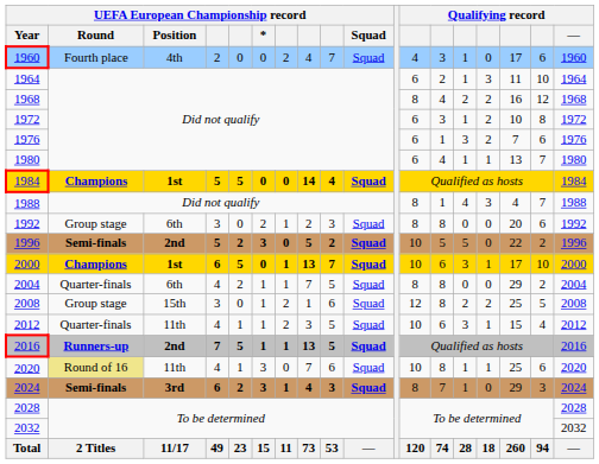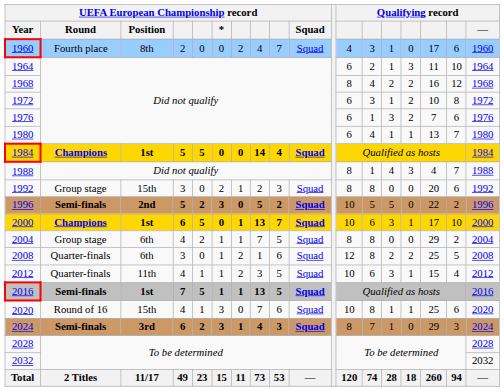 <table class="wikitable" style="text-align: center;">
 <tr>
 <th colspan=10><a href='#'>UEFA European Championship</a> record</th>
 <th width=1% rowspan=22></th>
 <th colspan=7><a href='#'>Qualifying</a> record</th>
 </tr>
 <tr>
 <th>Year</th>
 <th>Round</th>
 <th>Position</th>
 <th></th>
 <th></th>
 <th>*</th>
 <th></th>
 <th></th>
 <th></th>
 <th>Squad</th>
 <th></th>
 <th></th>
 <th></th>
 <th></th>
 <th></th>
 <th></th>
 <th>—</th>
 </tr>
 <tr style="background:#9acdff">
 <td style="border: 3px solid red"> <a href='#'>1960</a></td>
 <td>Fourth place</td>
-<td>4th</td>
+<td>8th</td>
 <td>2</td>
 <td>0</td>
 <td>0</td>
 <td>2</td>
 <td>4</td>
 <td>7</td>
 <td><a href='#'>Squad</a></td>
 <td>4</td>
 <td>3</td>
 <td>1</td>
 <td>0</td>
 <td>17</td>
 <td>6</td>
 <td><a href='#'>1960</a></td>
 </tr>
 <tr>
 <td> <a href='#'>1964</a></td>
 <td colspan=9 rowspan=5><em>Did not qualify</em></td>
 <td>6</td>
 <td>2</td>
 <td>1</td>
 <td>3</td>
 <td>11</td>
 <td>10</td>
 <td><a href='#'>1964</a></td>
 </tr>
 <tr>
 <td> <a href='#'>1968</a></td>
 <td>8</td>
 <td>4</td>
 <td>2</td>
 <td>2</td>
 <td>16</td>
 <td>12</td>
 <td><a href='#'>1968</a></td>
 </tr>
 <tr>
 <td> <a href='#'>1972</a></td>
 <td>6</td>
 <td>3</td>
 <td>1</td>
 <td>2</td>
 <td>10</td>
 <td>8</td>
 <td><a href='#'>1972</a></td>
 </tr>
 <tr>
 <td> <a href='#'>1976</a></td>
 <td>6</td>
 <td>1</td>
 <td>3</td>
 <td>2</td>
 <td>7</td>
 <td>6</td>
 <td><a href='#'>1976</a></td>
 </tr>
 <tr>
 <td> <a href='#'>1980</a></td>
 <td>6</td>
 <td>4</td>
 <td>1</td>
 <td>1</td>
 <td>13</td>
 <td>7</td>
 <td><a href='#'>1980</a></td>
 </tr>
 <tr bgcolor=gold>
 <td style="border: 3px solid red"> <a href='#'>1984</a></td>
 <td><strong><a href='#'>Champions</a></strong></td>
 <td><strong>1st</strong></td>
 <td><strong>5</strong></td>
 <td><strong>5</strong></td>
 <td><strong>0</strong></td>
 <td><strong>0</strong></td>
 <td><strong>14</strong></td>
 <td><strong>4</strong></td>
 <td><strong><a href='#'>Squad</a></strong></td>
 <td colspan=6><em>Qualified as hosts</em></td>
 <td><a href='#'>1984</a></td>
 </tr>
 <tr>
 <td> <a href='#'>1988</a></td>
 <td colspan=9><em>Did not qualify</em></td>
 <td>8</td>
 <td>1</td>
 <td>4</td>
 <td>3</td>
 <td>4</td>
 <td>7</td>
 <td><a href='#'>1988</a></td>
 </tr>
 <tr>
 <td> <a href='#'>1992</a></td>
 <td>Group stage</td>
-<td>6th</td>
+<td>15th</td>
 <td>3</td>
 <td>0</td>
 <td>2</td>
 <td>1</td>
 <td>2</td>
 <td>3</td>
 <td><a href='#'>Squad</a></td>
 <td>8</td>
 <td>8</td>
 <td>0</td>
 <td>0</td>
 <td>20</td>
 <td>6</td>
 <td><a href='#'>1992</a></td>
 </tr>
 <tr bgcolor=cc9966>
 <td> <a href='#'>1996</a></td>
 <td><strong>Semi-finals</strong></td>
 <td><strong>2nd</strong></td>
 <td><strong>5</strong></td>
 <td><strong>2</strong></td>
 <td><strong>3</strong></td>
 <td><strong>0</strong></td>
 <td><strong>5</strong></td>
 <td><strong>2</strong></td>
 <td><strong><a href='#'>Squad</a></strong></td>
 <td>10</td>
 <td>5</td>
 <td>5</td>
 <td>0</td>
 <td>22</td>
 <td>2</td>
 <td><a href='#'>1996</a></td>
 </tr>
 <tr bgcolor=gold>
 <td>  <a href='#'>2000</a></td>
 <td><strong><a href='#'>Champions</a></strong></td>
 <td><strong>1st</strong></td>
 <td><strong>6</strong></td>
 <td><strong>5</strong></td>
 <td><strong>0</strong></td>
 <td><strong>1</strong></td>
 <td><strong>13</strong></td>
 <td><strong>7</strong></td>
 <td><strong><a href='#'>Squad</a></strong></td>
 <td>10</td>
 <td>6</td>
 <td>3</td>
 <td>1</td>
 <td>17</td>
 <td>10</td>
 <td><a href='#'>2000</a></td>
 </tr>
 <tr>
 <td> <a href='#'>2004</a></td>
-<td>Quarter-finals</td>
+<td>Group stage</td>
 <td>6th</td>
 <td>4</td>
 <td>2</td>
 <td>1</td>
 <td>1</td>
 <td>7</td>
 <td>5</td>
 <td><a href='#'>Squad</a></td>
 <td>8</td>
 <td>8</td>
 <td>0</td>
 <td>0</td>
 <td>29</td>
 <td>2</td>
 <td><a href='#'>2004</a></td>
 </tr>
 <tr>
 <td>  <a href='#'>2008</a></td>
-<td>Group stage</td>
-<td>15th</td>
+<td>Quarter-finals</td>
+<td>6th</td>
 <td>3</td>
 <td>0</td>
 <td>1</td>
 <td>2</td>
 <td>1</td>
 <td>6</td>
 <td><a href='#'>Squad</a></td>
 <td>12</td>
 <td>8</td>
 <td>2</td>
 <td>2</td>
 <td>25</td>
 <td>5</td>
 <td><a href='#'>2008</a></td>
 </tr>
 <tr>
 <td>  <a href='#'>2012</a></td>
 <td>Quarter-finals</td>
 <td>11th</td>
 <td>4</td>
 <td>1</td>
 <td>1</td>
 <td>2</td>
 <td>3</td>
 <td>5</td>
 <td><a href='#'>Squad</a></td>
 <td>10</td>
 <td>6</td>
 <td>3</td>
 <td>1</td>
 <td>15</td>
 <td>4</td>
 <td><a href='#'>2012</a></td>
 </tr>
 <tr bgcolor=silver>
 <td style="border: 3px solid red"> <a href='#'>2016</a></td>
-<td><strong><a href='#'>Runners-up</a></strong></td>
-<td><strong>2nd</strong></td>
+<td><strong>Semi-finals</strong></td>
+<td><strong>1st</strong></td>
 <td><strong>7</strong></td>
 <td><strong>5</strong></td>
 <td><strong>1</strong></td>
 <td><strong>1</strong></td>
 <td><strong>13</strong></td>
 <td><strong>5</strong></td>
 <td><strong><a href='#'>Squad</a></strong></td>
 <td colspan=6><em>Qualified as hosts</em></td>
 <td><a href='#'>2016</a></td>
 </tr>
 <tr>
 <td> <a href='#'>2020</a></td>
-<td style="background: khaki;">Round of 16</td>
-<td>11th</td>
+<td>Round of 16</td>
+<td>15th</td>
 <td>4</td>
 <td>1</td>
 <td>3</td>
 <td>0</td>
 <td>7</td>
 <td>6</td>
 <td><a href='#'>Squad</a></td>
 <td>10</td>
 <td>8</td>
 <td>1</td>
 <td>1</td>
 <td>25</td>
 <td>6</td>
 <td><a href='#'>2020</a></td>
 </tr>
 <tr bgcolor=CC9966>
 <td> <a href='#'>2024</a></td>
 <td><strong>Semi-finals</strong></td>
 <td><strong>3rd</strong></td>
 <td><strong>6</strong></td>
 <td><strong>2</strong></td>
 <td><strong>3</strong></td>
 <td><strong>1</strong></td>
 <td><strong>4</strong></td>
 <td><strong>3</strong></td>
 <td><strong><a href='#'>Squad</a></strong></td>
 <td>8</td>
 <td>7</td>
 <td>1</td>
 <td>0</td>
 <td>29</td>
 <td>3</td>
 <td><a href='#'>2024</a></td>
 </tr>
 <tr>
 <td>  <a href='#'>2028</a></td>
 <td colspan=9 rowspan=2><em>To be determined</em></td>
 <td colspan=6 rowspan=2><em>To be determined</em></td>
 <td><a href='#'>2028</a></td>
 </tr>
 <tr>
 <td>  <a href='#'>2032</a></td>
 <td>2032</td>
 </tr>
 <tr>
 <th>Total</th>
 <th>2 Titles</th>
 <th>11/17</th>
 <th>49</th>
 <th>23</th>
 <th>15</th>
 <th>11</th>
 <th>73</th>
 <th>53</th>
 <th>—</th>
 <th>120</th>
 <th>74</th>
 <th>28</th>
 <th>18</th>
 <th>260</th>
 <th>94</th>
 <th>—</th>
 </tr>
 </table>
